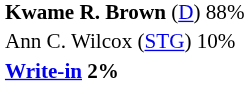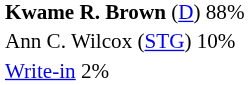 <table>
 <tr>
 <td><strong>Kwame R. Brown</strong> (<a href='#'>D</a>) 88%</td>
 </tr>
 <tr>
 <td>Ann C. Wilcox  (<a href='#'>STG</a>)  10%</td>
 </tr>
 <tr>
-<td><strong><a href='#'>Write-in</a> 2%</strong></td>
+<td><a href='#'>Write-in</a> 2%</td>
 </tr>
 <tr>
 </tr>
 </table>
